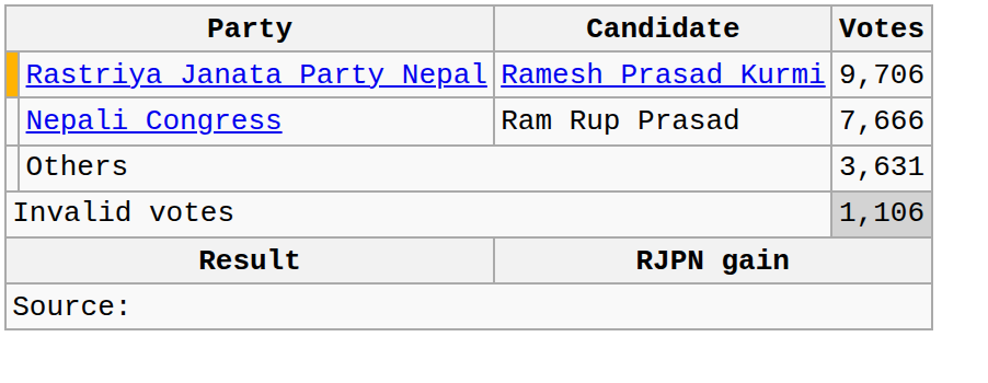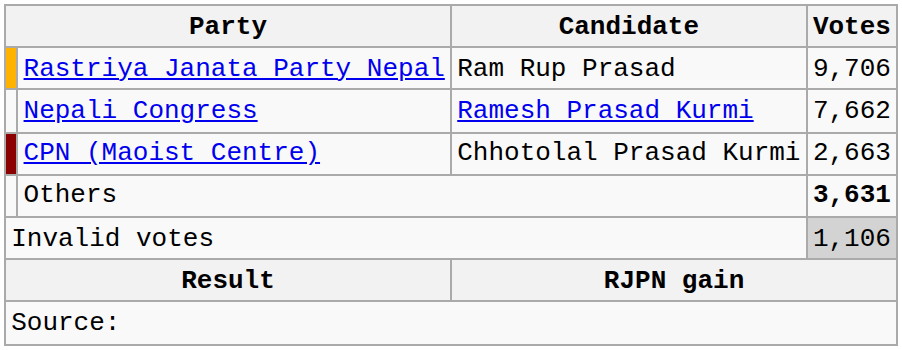 <table class="wikitable">
 <tr>
 <th colspan="2">Party</th>
 <th>Candidate</th>
 <th>Votes</th>
 </tr>
 <tr>
 <td style="background-color:#ffb300"></td>
 <td><a href='#'>Rastriya Janata Party Nepal</a></td>
-<td><a href='#'>Ramesh Prasad Kurmi</a></td>
+<td>Ram Rup Prasad</td>
 <td>9,706</td>
 </tr>
 <tr>
 <td style="background-color:"></td>
 <td><a href='#'>Nepali Congress</a></td>
-<td>Ram Rup Prasad</td>
-<td>7,666</td>
+<td><a href='#'>Ramesh Prasad Kurmi</a></td>
+<td>7,662</td>
+</tr>
+<tr>
+<td style="background-color:darkred"></td>
+<td><a href='#'>CPN (Maoist Centre)</a></td>
+<td>Chhotolal Prasad Kurmi</td>
+<td>2,663</td>
 </tr>
 <tr>
 <td></td>
 <td colspan="2">Others</td>
-<td>3,631</td>
+<td><strong>3,631</strong></td>
 </tr>
 <tr>
 <td colspan="3">Invalid votes</td>
 <td style="background: lightgrey;">1,106</td>
 </tr>
 <tr>
 <th colspan="2">Result</th>
 <th colspan="2">RJPN gain</th>
 </tr>
 <tr>
 <td colspan="4">Source: </td>
 </tr>
 </table>
